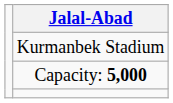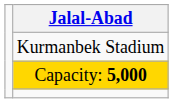 <table class="wikitable" style="margin:1em auto; text-align:center;">
 <tr>
 <td rowspan="4" text-align="center"></td>
 <th><a href='#'>Jalal-Abad</a></th>
 </tr>
 <tr>
 <td>Kurmanbek Stadium</td>
 </tr>
 <tr>
-<td>Capacity: <strong>5,000</strong></td>
+<td style="background: gold;">Capacity: <strong>5,000</strong></td>
 </tr>
 <tr>
 <td></td>
 </tr>
 </table>
